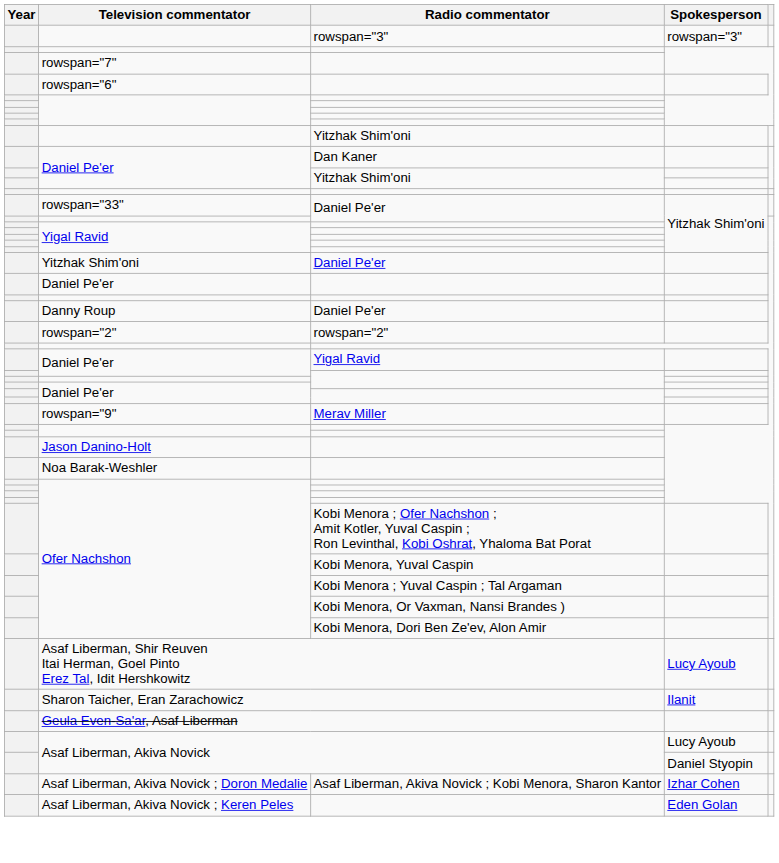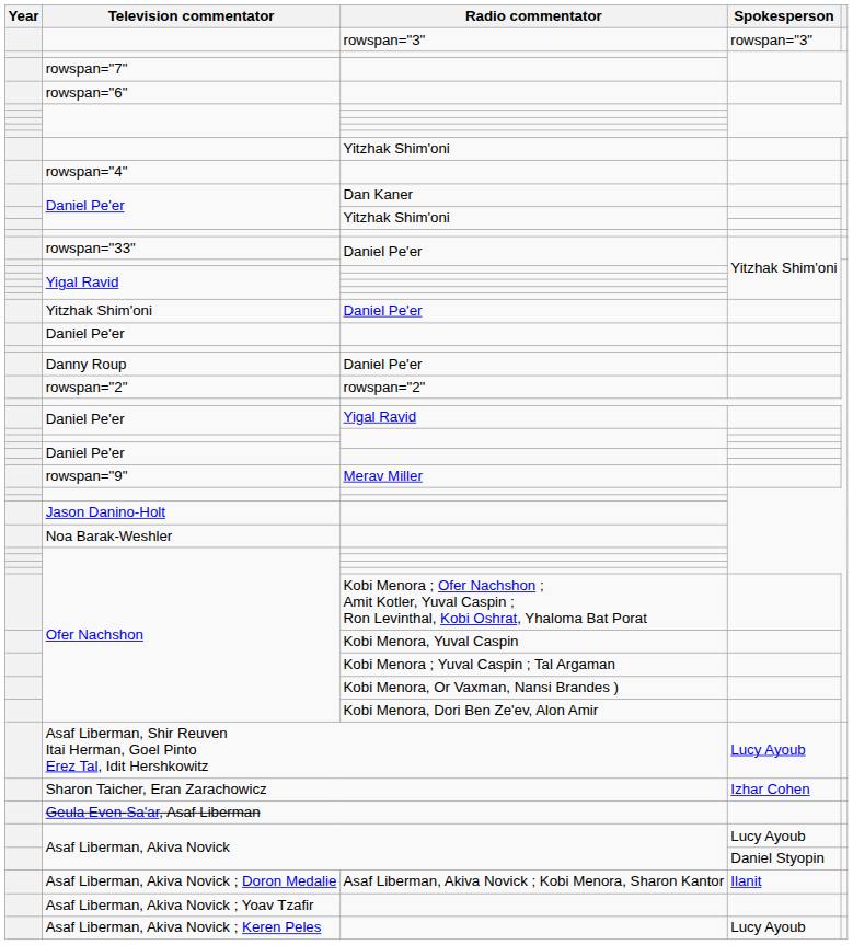 <table class="wikitable sortable plainrowheaders">
 <tr>
 <th>Year</th>
 <th>Television commentator</th>
 <th>Radio commentator</th>
 <th>Spokesperson</th>
 <th class="unsortable"></th>
 </tr>
 <tr>
 <th scope="row"></th>
 <td></td>
 <td>rowspan="3" </td>
 <td>rowspan="3" </td>
 <td></td>
 </tr>
 <tr>
 <th scope="row"></th>
 <td></td>
 <td></td>
 </tr>
 <tr>
 <th scope="row"></th>
 <td>rowspan="7" </td>
 <td></td>
 </tr>
 <tr>
 <th scope="row"></th>
 <td>rowspan="6" </td>
 <td></td>
 <td></td>
 </tr>
 <tr>
 <th scope="row"></th>
 <td rowspan="5"></td>
 <td></td>
 </tr>
 <tr>
 <th scope="row"></th>
 <td></td>
 </tr>
 <tr>
 <th scope="row"></th>
 <td></td>
 </tr>
 <tr>
 <th scope="row"></th>
 <td></td>
 </tr>
 <tr>
 <th scope="row"></th>
 <td></td>
 </tr>
 <tr>
 <th scope="row"></th>
 <td></td>
 <td>Yitzhak Shim'oni</td>
+<td></td>
+<td></td>
+</tr>
+<tr>
+<th scope="row"></th>
+<td>rowspan="4" </td>
+<td></td>
 <td></td>
 <td></td>
 </tr>
 <tr>
 <th scope="row"></th>
 <td rowspan=3><a href='#'>Daniel Pe'er</a></td>
 <td>Dan Kaner</td>
 <td></td>
 </tr>
 <tr>
 <th scope="row"></th>
 <td rowspan="2">Yitzhak Shim'oni</td>
 <td></td>
 </tr>
 <tr>
 <th scope="row"></th>
 <td></td>
 </tr>
 <tr>
 <th scope="row"></th>
 <td></td>
 <td></td>
 <td></td>
 <td></td>
 </tr>
 <tr>
 <th scope="row"></th>
 <td>rowspan="33" </td>
 <td rowspan="2">Daniel Pe'er</td>
 <td rowspan="7">Yitzhak Shim'oni</td>
 <td></td>
 </tr>
 <tr>
 <th scope="row"></th>
 <td></td>
 </tr>
 <tr>
 <th scope="row"></th>
 <td rowspan=5><a href='#'>Yigal Ravid</a></td>
 <td></td>
 </tr>
 <tr>
 <th scope="row"></th>
 <td></td>
 </tr>
 <tr>
 <th scope="row"></th>
 <td></td>
 </tr>
 <tr>
 <th scope="row"></th>
 <td></td>
 </tr>
 <tr>
 <th scope="row"></th>
 <td></td>
 </tr>
 <tr>
 <th scope="row"></th>
 <td>Yitzhak Shim'oni</td>
 <td><a href='#'>Daniel Pe'er</a></td>
 <td></td>
 </tr>
 <tr>
 <th scope="row"></th>
 <td>Daniel Pe'er</td>
 <td></td>
 <td></td>
 </tr>
 <tr>
 <th scope="row"></th>
 <td></td>
 <td></td>
 <td></td>
 </tr>
 <tr>
 <th scope="row"></th>
 <td>Danny Roup</td>
 <td>Daniel Pe'er</td>
 <td></td>
 </tr>
 <tr>
 <th scope="row"></th>
 <td>rowspan="2" </td>
 <td>rowspan="2" </td>
 <td></td>
 </tr>
 <tr>
 <th scope="row"></th>
 <td></td>
 </tr>
 <tr>
 <th scope="row"></th>
 <td rowspan="2">Daniel Pe'er</td>
 <td><a href='#'>Yigal Ravid</a></td>
 <td></td>
 </tr>
 <tr>
 <th scope="row"></th>
 <td rowspan="3"></td>
 <td></td>
 </tr>
 <tr>
 <th scope="row"></th>
 <td></td>
 <td></td>
 </tr>
 <tr>
 <th scope="row"></th>
 <td rowspan="3">Daniel Pe'er</td>
 <td></td>
 </tr>
 <tr>
 <th scope="row"></th>
 <td rowspan="2"></td>
 <td></td>
 </tr>
 <tr>
 <th scope="row"></th>
 <td></td>
 </tr>
 <tr>
 <th scope="row"></th>
 <td>rowspan="9" </td>
 <td><a href='#'>Merav Miller</a></td>
 <td></td>
 </tr>
 <tr>
 <th scope="row"></th>
 <td rowspan="2"></td>
 <td></td>
 </tr>
 <tr>
 <th scope="row"></th>
 <td></td>
 </tr>
 <tr>
 <th scope="row"></th>
 <td><a href='#'>Jason Danino-Holt</a></td>
 <td></td>
 </tr>
 <tr>
 <th scope="row"></th>
 <td>Noa Barak-Weshler</td>
 <td></td>
 </tr>
 <tr>
 <th scope="row"></th>
 <td rowspan="9"><a href='#'>Ofer Nachshon</a></td>
 <td></td>
 </tr>
 <tr>
 <th scope="row"></th>
 <td></td>
 </tr>
 <tr>
 <th scope="row"></th>
 <td></td>
 </tr>
 <tr>
 <th scope="row"></th>
 <td></td>
 </tr>
 <tr>
 <th scope="row"></th>
 <td>Kobi Menora ; <a href='#'>Ofer Nachshon</a> ;<br>Amit Kotler, Yuval Caspin ;<br>Ron Levinthal, <a href='#'>Kobi Oshrat</a>, Yhaloma Bat Porat </td>
 <td></td>
 </tr>
 <tr>
 <th scope="row"></th>
 <td>Kobi Menora, Yuval Caspin </td>
 <td></td>
 </tr>
 <tr>
 <th scope="row"></th>
 <td>Kobi Menora ; Yuval Caspin ; Tal Argaman </td>
 <td></td>
 </tr>
 <tr>
 <th scope="row"></th>
 <td>Kobi Menora, Or Vaxman, Nansi Brandes )</td>
 <td></td>
 </tr>
 <tr>
 <th scope="row"></th>
 <td>Kobi Menora, Dori Ben Ze'ev, Alon Amir </td>
 <td></td>
 </tr>
 <tr>
 <th scope="row"></th>
 <td colspan="2">Asaf Liberman, Shir Reuven <br>Itai Herman, Goel Pinto <br><a href='#'>Erez Tal</a>, Idit Hershkowitz </td>
 <td><a href='#'>Lucy Ayoub</a></td>
 <td></td>
 </tr>
 <tr>
 <th scope="row"></th>
 <td colspan="2">Sharon Taicher, Eran Zarachowicz</td>
-<td><a href='#'>Ilanit</a></td>
+<td><a href='#'>Izhar Cohen</a></td>
 <td></td>
 </tr>
 <tr>
 <th scope="row"><s></s></th>
 <td colspan="2"><s><a href='#'>Geula Even-Sa'ar</a>, Asaf Liberman</s></td>
 <td></td>
 <td></td>
 </tr>
 <tr>
 <th scope="row"></th>
 <td colspan="2" rowspan="2">Asaf Liberman, Akiva Novick</td>
 <td>Lucy Ayoub</td>
 <td></td>
 </tr>
 <tr>
 <th scope="row"></th>
 <td>Daniel Styopin</td>
 <td></td>
 </tr>
 <tr>
 <th scope="row"></th>
 <td>Asaf Liberman, Akiva Novick ; <a href='#'>Doron Medalie</a> </td>
 <td>Asaf Liberman, Akiva Novick ; Kobi Menora, Sharon Kantor </td>
-<td><a href='#'>Izhar Cohen</a></td>
+<td><a href='#'>Ilanit</a></td>
+<td></td>
+</tr>
+<tr>
+<th scope="row"></th>
+<td>Asaf Liberman, Akiva Novick ; Yoav Tzafir </td>
+<td></td>
+<td></td>
 <td></td>
 </tr>
 <tr>
 <th scope="row"></th>
 <td>Asaf Liberman, Akiva Novick ; <a href='#'>Keren Peles</a> </td>
 <td></td>
-<td><a href='#'>Eden Golan</a></td>
+<td>Lucy Ayoub</td>
 <td></td>
 </tr>
 </table>
